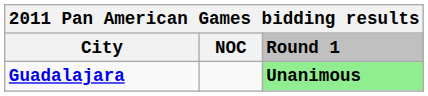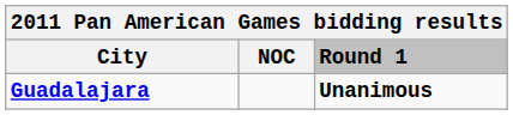 <table class="wikitable">
 <tr>
 <th colspan="7">2011 Pan American Games bidding results</th>
 </tr>
 <tr>
 <th>City</th>
 <th>NOC</th>
 <td bgcolor="silver"><strong>Round 1</strong></td>
 </tr>
 <tr>
 <td><strong><a href='#'>Guadalajara</a></strong></td>
 <td></td>
-<td style="background: lightgreen;"><strong>Unanimous</strong></td>
+<td><strong>Unanimous</strong></td>
 </tr>
 </table>
